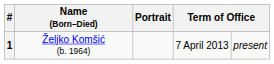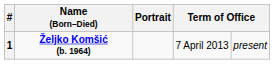 <table class="wikitable" style="text-align:center">
 <tr ->
 <th>#</th>
 <th width=180>Name<br><small>(Born–Died)</small></th>
 <th>Portrait</th>
 <th colspan=2>Term of Office</th>
 </tr>
 <tr ->
 <th align=center style="background: ">1</th>
-<td><a href='#'>Željko Komšić</a><br><small>(b. 1964)</small></td>
+<td><strong><a href='#'>Željko Komšić</a><br><small>(b. 1964)</small></strong></td>
 <td></td>
 <td>7 April 2013</td>
 <td><em>present</em></td>
 </tr>
 </table>
